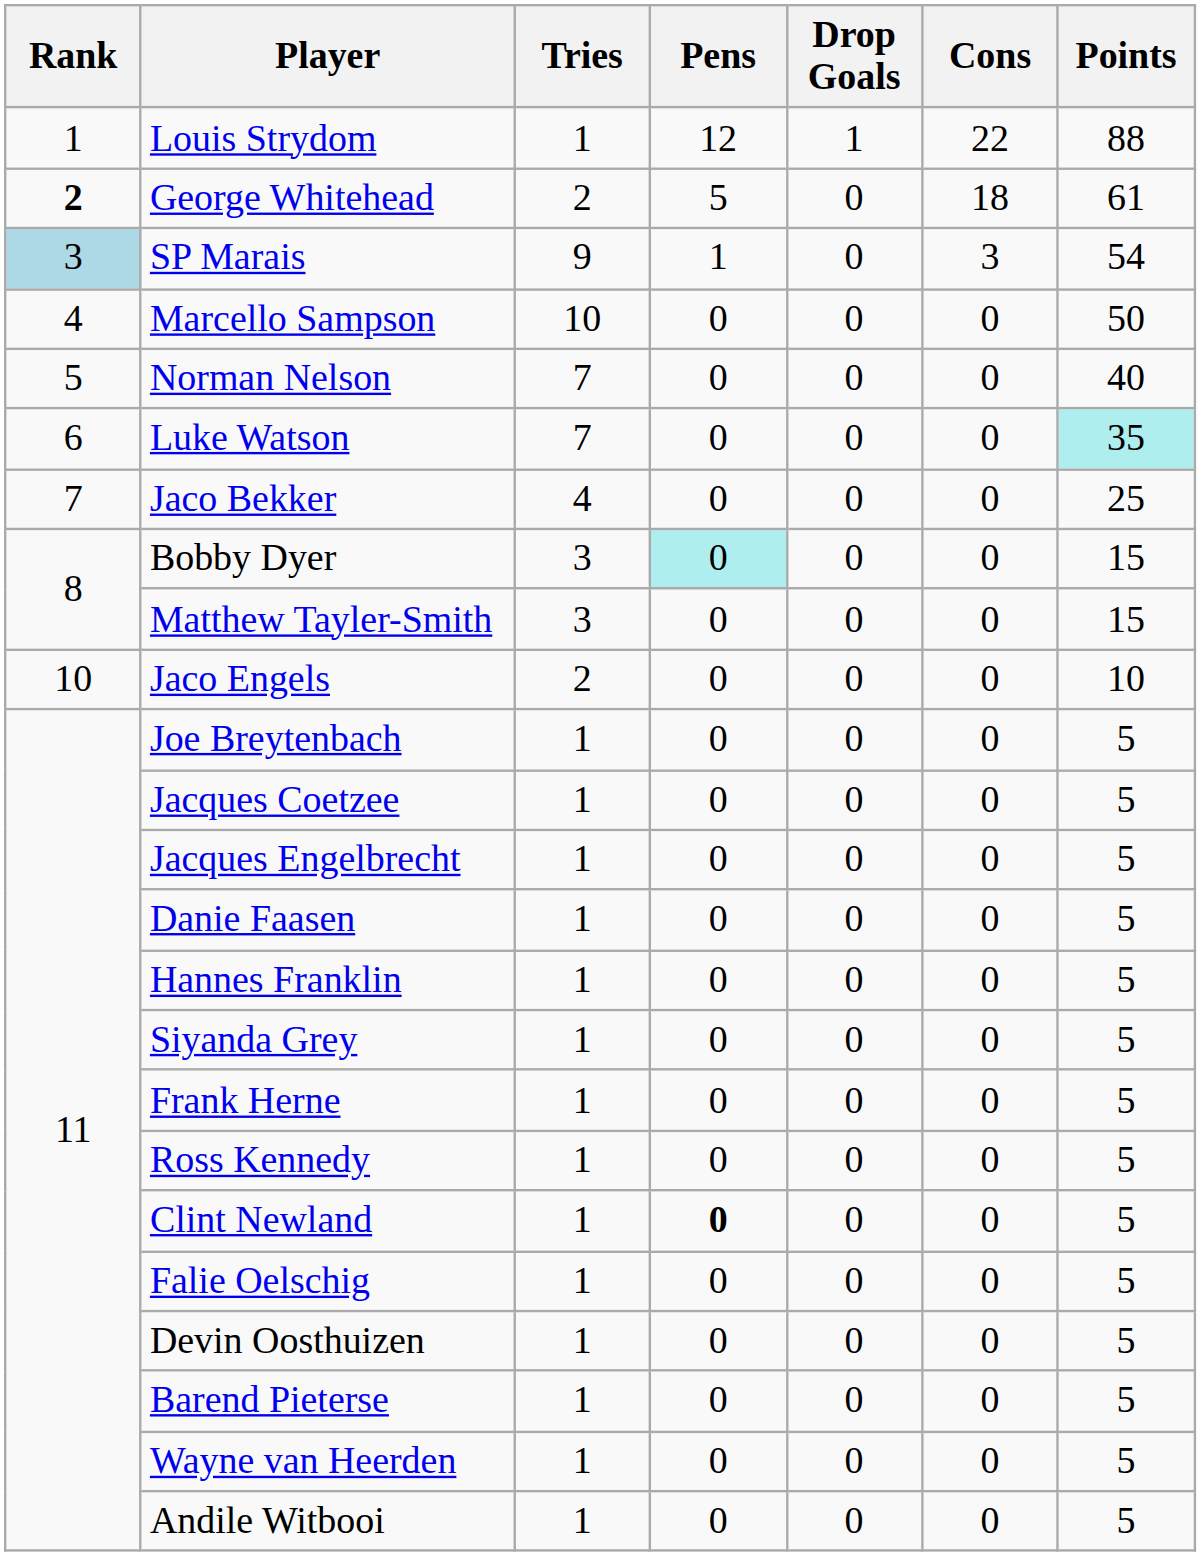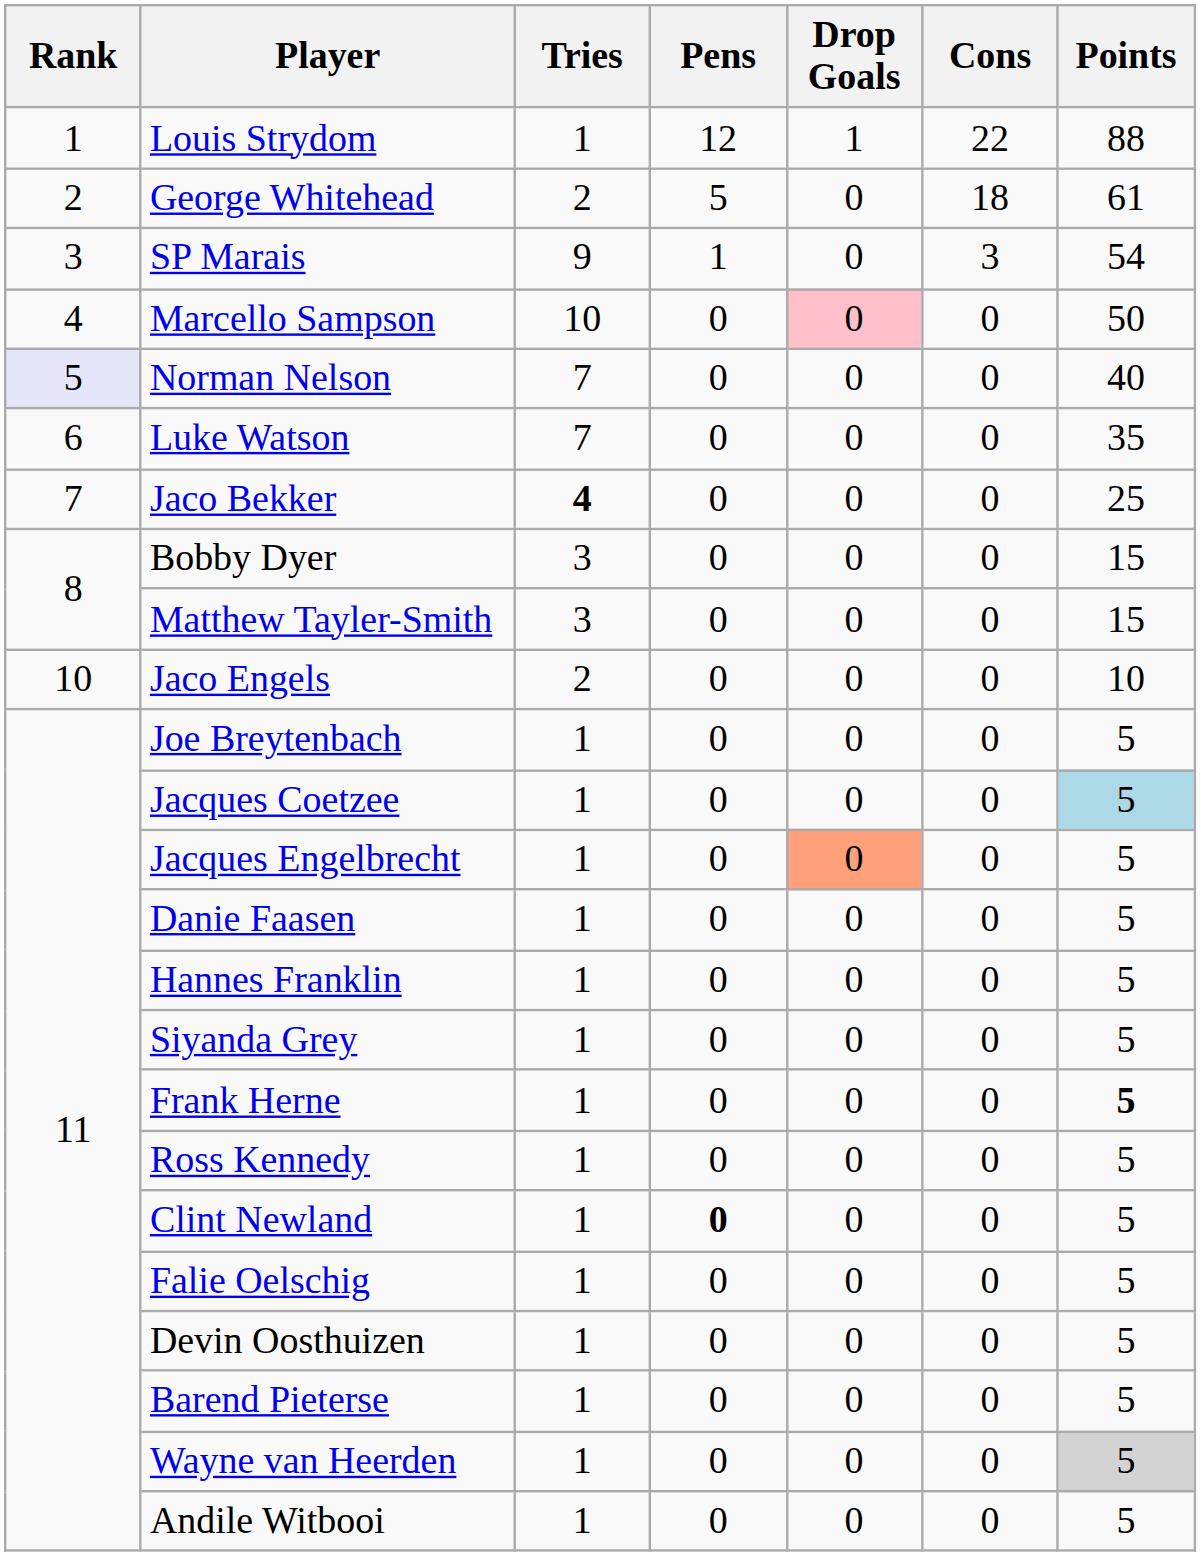 <table class="wikitable"  style="text-align: center;">
 <tr>
 <th style="width:50px;">Rank</th>
 <th style="width:150px;">Player</th>
 <th style="width:50px;">Tries</th>
 <th style="width:50px;">Pens</th>
 <th style="width:50px;">Drop Goals</th>
 <th style="width:50px;">Cons</th>
 <th style="width:50px;">Points</th>
 </tr>
 <tr>
 <td>1</td>
 <td align=left><a href='#'>Louis Strydom</a></td>
 <td>1</td>
 <td>12</td>
 <td>1</td>
 <td>22</td>
 <td>88</td>
 </tr>
 <tr>
-<td><strong>2</strong></td>
+<td>2</td>
 <td align=left><a href='#'>George Whitehead</a></td>
 <td>2</td>
 <td>5</td>
 <td>0</td>
 <td>18</td>
 <td>61</td>
 </tr>
 <tr>
-<td style="background: lightblue;">3</td>
+<td>3</td>
 <td align=left><a href='#'>SP Marais</a></td>
 <td>9</td>
 <td>1</td>
 <td>0</td>
 <td>3</td>
 <td>54</td>
 </tr>
 <tr>
 <td>4</td>
 <td align=left><a href='#'>Marcello Sampson</a></td>
 <td>10</td>
 <td>0</td>
-<td>0</td>
+<td style="background: pink;">0</td>
 <td>0</td>
 <td>50</td>
 </tr>
 <tr>
-<td>5</td>
+<td style="background: lavender;">5</td>
 <td align=left><a href='#'>Norman Nelson</a></td>
 <td>7</td>
 <td>0</td>
 <td>0</td>
 <td>0</td>
 <td>40</td>
 </tr>
 <tr>
 <td>6</td>
 <td align=left><a href='#'>Luke Watson</a></td>
 <td>7</td>
 <td>0</td>
 <td>0</td>
 <td>0</td>
-<td style="background: paleturquoise;">35</td>
+<td>35</td>
 </tr>
 <tr>
 <td>7</td>
 <td align=left><a href='#'>Jaco Bekker</a></td>
-<td>4</td>
+<td><strong>4</strong></td>
 <td>0</td>
 <td>0</td>
 <td>0</td>
 <td>25</td>
 </tr>
 <tr>
 <td rowspan= 2>8</td>
 <td align=left>Bobby Dyer</td>
 <td>3</td>
-<td style="background: paleturquoise;">0</td>
+<td>0</td>
 <td>0</td>
 <td>0</td>
 <td>15</td>
 </tr>
 <tr>
 <td style="text-align:left;"><a href='#'>Matthew Tayler-Smith</a></td>
 <td>3</td>
 <td>0</td>
 <td>0</td>
 <td>0</td>
 <td>15</td>
 </tr>
 <tr>
 <td>10</td>
 <td align=left><a href='#'>Jaco Engels</a></td>
 <td>2</td>
 <td>0</td>
 <td>0</td>
 <td>0</td>
 <td>10</td>
 </tr>
 <tr>
 <td rowspan=14>11</td>
 <td align=left><a href='#'>Joe Breytenbach</a></td>
 <td>1</td>
 <td>0</td>
 <td>0</td>
 <td>0</td>
 <td>5</td>
 </tr>
 <tr>
 <td style="text-align:left;"><a href='#'>Jacques Coetzee</a></td>
 <td>1</td>
 <td>0</td>
 <td>0</td>
 <td>0</td>
-<td>5</td>
+<td style="background: lightblue;">5</td>
 </tr>
 <tr>
 <td style="text-align:left;"><a href='#'>Jacques Engelbrecht</a></td>
 <td>1</td>
 <td>0</td>
-<td>0</td>
+<td style="background: lightsalmon;">0</td>
 <td>0</td>
 <td>5</td>
 </tr>
 <tr>
 <td style="text-align:left;"><a href='#'>Danie Faasen</a></td>
 <td>1</td>
 <td>0</td>
 <td>0</td>
 <td>0</td>
 <td>5</td>
 </tr>
 <tr>
 <td style="text-align:left;"><a href='#'>Hannes Franklin</a></td>
 <td>1</td>
 <td>0</td>
 <td>0</td>
 <td>0</td>
 <td>5</td>
 </tr>
 <tr>
 <td style="text-align:left;"><a href='#'>Siyanda Grey</a></td>
 <td>1</td>
 <td>0</td>
 <td>0</td>
 <td>0</td>
 <td>5</td>
 </tr>
 <tr>
 <td style="text-align:left;"><a href='#'>Frank Herne</a></td>
 <td>1</td>
 <td>0</td>
 <td>0</td>
 <td>0</td>
-<td>5</td>
+<td><strong>5</strong></td>
 </tr>
 <tr>
 <td style="text-align:left;"><a href='#'>Ross Kennedy</a></td>
 <td>1</td>
 <td>0</td>
 <td>0</td>
 <td>0</td>
 <td>5</td>
 </tr>
 <tr>
 <td style="text-align:left;"><a href='#'>Clint Newland</a></td>
 <td>1</td>
 <td><strong>0</strong></td>
 <td>0</td>
 <td>0</td>
 <td>5</td>
 </tr>
 <tr>
 <td style="text-align:left;"><a href='#'>Falie Oelschig</a></td>
 <td>1</td>
 <td>0</td>
 <td>0</td>
 <td>0</td>
 <td>5</td>
 </tr>
 <tr>
 <td style="text-align:left;">Devin Oosthuizen</td>
 <td>1</td>
 <td>0</td>
 <td>0</td>
 <td>0</td>
 <td>5</td>
 </tr>
 <tr>
 <td style="text-align:left;"><a href='#'>Barend Pieterse</a></td>
 <td>1</td>
 <td>0</td>
 <td>0</td>
 <td>0</td>
 <td>5</td>
 </tr>
 <tr>
 <td style="text-align:left;"><a href='#'>Wayne van Heerden</a></td>
 <td>1</td>
 <td>0</td>
 <td>0</td>
 <td>0</td>
-<td>5</td>
+<td style="background: lightgrey;">5</td>
 </tr>
 <tr>
 <td style="text-align:left;">Andile Witbooi</td>
 <td>1</td>
 <td>0</td>
 <td>0</td>
 <td>0</td>
 <td>5</td>
 </tr>
 </table>
